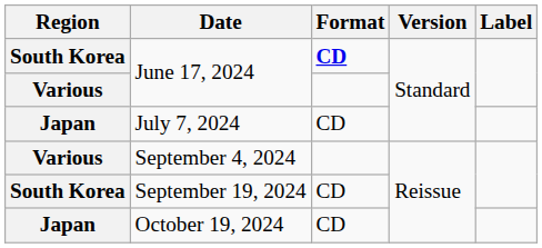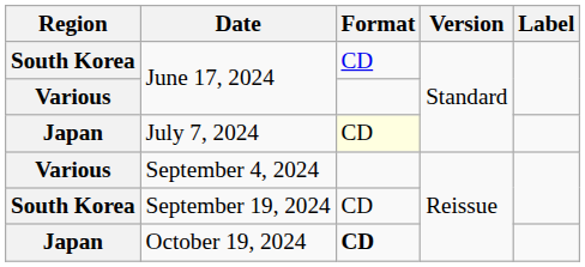 <table class="wikitable plainrowheaders">
 <tr>
 <th scope="col">Region</th>
 <th scope="col">Date</th>
 <th scope="col">Format</th>
 <th scope="col">Version</th>
 <th scope="col">Label</th>
 </tr>
 <tr>
 <th scope="row">South Korea</th>
 <td rowspan="2">June 17, 2024</td>
-<td><strong><a href='#'>CD</a></strong></td>
+<td><a href='#'>CD</a></td>
 <td rowspan="3">Standard</td>
 <td rowspan="2"></td>
 </tr>
 <tr>
 <th scope="row">Various</th>
 <td></td>
 </tr>
 <tr>
 <th scope="row">Japan</th>
 <td>July 7, 2024</td>
-<td>CD</td>
+<td style="background: lightyellow;">CD</td>
 <td></td>
 </tr>
 <tr>
 <th scope="row">Various</th>
 <td>September 4, 2024</td>
 <td></td>
 <td rowspan="3">Reissue</td>
 <td rowspan="2"></td>
 </tr>
 <tr>
 <th scope="row">South Korea</th>
 <td>September 19, 2024</td>
 <td>CD</td>
 </tr>
 <tr>
 <th scope="row">Japan</th>
 <td>October 19, 2024</td>
-<td>CD</td>
+<td><strong>CD</strong></td>
 <td></td>
 </tr>
 </table>
